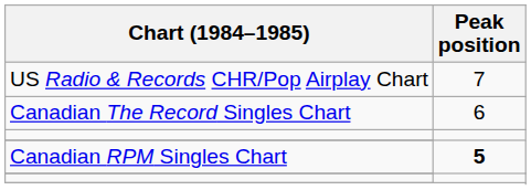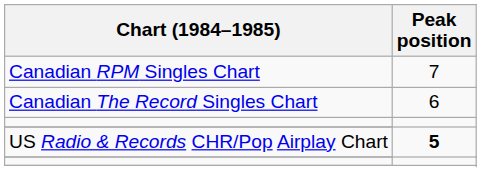 <table class="wikitable sortable">
 <tr>
 <th>Chart (1984–1985)</th>
 <th>Peak<br>position</th>
 </tr>
 <tr>
-<td>US <em><a href='#'>Radio & Records</a></em> <a href='#'>CHR/Pop</a> <a href='#'>Airplay</a> Chart</td>
+<td><a href='#'>Canadian <em>RPM</em> Singles Chart</a></td>
 <td align="center">7</td>
 </tr>
 <tr>
 <td><a href='#'>Canadian <em>The Record</em> Singles Chart</a></td>
 <td align="center">6</td>
 </tr>
 <tr>
 <td></td>
 </tr>
 <tr>
 </tr>
 <tr>
 </tr>
 <tr>
-<td><a href='#'>Canadian <em>RPM</em> Singles Chart</a></td>
+<td>US <em><a href='#'>Radio & Records</a></em> <a href='#'>CHR/Pop</a> <a href='#'>Airplay</a> Chart</td>
 <td align="center"><strong>5</strong></td>
 </tr>
 <tr>
 </tr>
 <tr>
 </tr>
 <tr>
 </tr>
 <tr>
 </tr>
 <tr>
 <td></td>
 </tr>
 <tr>
 </tr>
 </table>
